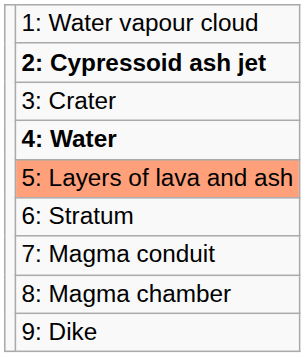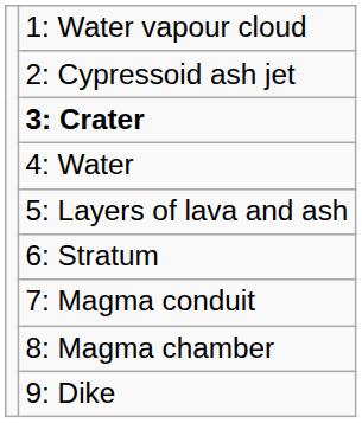 <table class="wikitable">
 <tr>
 <td rowspan="9"></td>
 <td>1: Water vapour cloud</td>
 </tr>
 <tr>
-<td><strong>2: Cypressoid ash jet</strong></td>
+<td>2: Cypressoid ash jet</td>
 </tr>
 <tr>
-<td>3: Crater</td>
+<td><strong>3: Crater</strong></td>
 </tr>
 <tr>
-<td><strong>4: Water</strong></td>
+<td>4: Water</td>
 </tr>
 <tr>
-<td style="background: lightsalmon;">5: Layers of lava and ash</td>
+<td>5: Layers of lava and ash</td>
 </tr>
 <tr>
 <td>6: Stratum</td>
 </tr>
 <tr>
 <td>7: Magma conduit</td>
 </tr>
 <tr>
 <td>8: Magma chamber</td>
 </tr>
 <tr>
 <td>9: Dike</td>
 </tr>
 </table>
